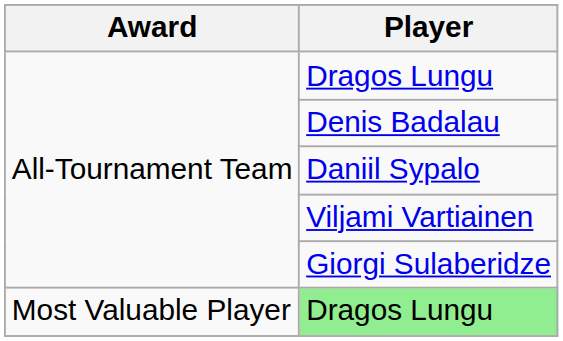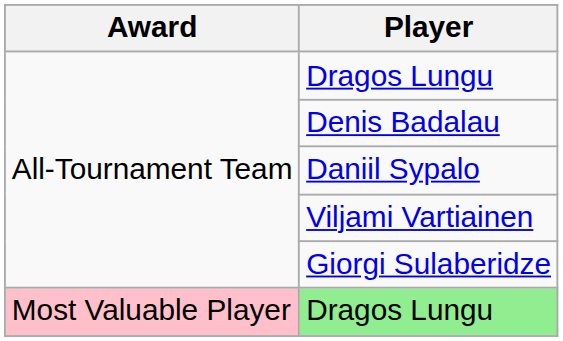 <table class="wikitable">
 <tr>
 <th>Award</th>
 <th>Player</th>
 </tr>
 <tr>
 <td rowspan=5>All-Tournament Team</td>
 <td> <a href='#'>Dragos Lungu</a></td>
 </tr>
 <tr>
 <td> <a href='#'>Denis Badalau</a></td>
 </tr>
 <tr>
 <td> <a href='#'>Daniil Sypalo</a></td>
 </tr>
 <tr>
 <td> <a href='#'>Viljami Vartiainen</a></td>
 </tr>
 <tr>
 <td> <a href='#'>Giorgi Sulaberidze</a></td>
 </tr>
 <tr>
-<td>Most Valuable Player</td>
+<td style="background: pink;">Most Valuable Player</td>
 <td style="background: lightgreen;"> Dragos Lungu</td>
 </tr>
 </table>
